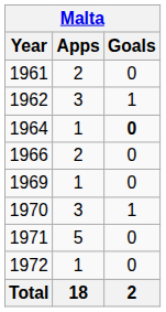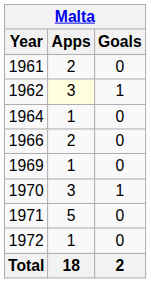 <table class="wikitable" style="text-align:center">
 <tr>
 <th colspan=3><a href='#'>Malta</a></th>
 </tr>
 <tr>
 <th>Year</th>
 <th>Apps</th>
 <th>Goals</th>
 </tr>
 <tr>
 <td>1961</td>
 <td>2</td>
 <td>0</td>
 </tr>
 <tr>
 <td>1962</td>
-<td>3</td>
+<td style="background: lightyellow;">3</td>
 <td>1</td>
 </tr>
 <tr>
 <td>1964</td>
 <td>1</td>
-<td><strong>0</strong></td>
+<td>0</td>
 </tr>
 <tr>
 <td>1966</td>
 <td>2</td>
 <td>0</td>
 </tr>
 <tr>
 <td>1969</td>
 <td>1</td>
 <td>0</td>
 </tr>
 <tr>
 <td>1970</td>
 <td>3</td>
 <td>1</td>
 </tr>
 <tr>
 <td>1971</td>
 <td>5</td>
 <td>0</td>
 </tr>
 <tr>
 <td>1972</td>
 <td>1</td>
 <td>0</td>
 </tr>
 <tr>
 <th>Total</th>
 <th>18</th>
 <th>2</th>
 </tr>
 </table>
